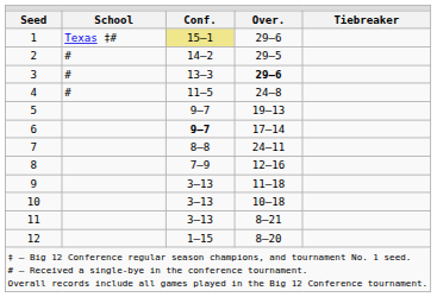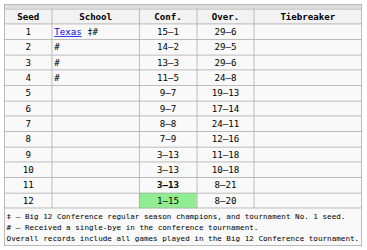 <table class="wikitable" style="white-space:nowrap; font-size:90%;text-align:center">
 <tr>
 <td colspan="10" style="text-align:center; background:#DDDDDD; font:#000000"><strong></strong></td>
 </tr>
 <tr bgcolor="#efefef">
 <th>Seed</th>
 <th>School</th>
 <th>Conf.</th>
 <th>Over.</th>
 <th>Tiebreaker</th>
 </tr>
 <tr>
 <td>1</td>
 <td align=left><a href='#'>Texas</a> ‡#</td>
-<td style="background: khaki;">15–1</td>
+<td>15–1</td>
 <td>29–6</td>
 <td></td>
 </tr>
 <tr>
 <td>2</td>
 <td align=left> #</td>
 <td>14–2</td>
 <td>29–5</td>
 <td></td>
 </tr>
 <tr>
 <td>3</td>
 <td align=left> #</td>
 <td>13–3</td>
-<td><strong>29–6</strong></td>
+<td>29–6</td>
 <td></td>
 </tr>
 <tr>
 <td>4</td>
 <td align=left> #</td>
 <td>11–5</td>
 <td>24–8</td>
 <td></td>
 </tr>
 <tr>
 <td>5</td>
 <td align=left></td>
 <td>9–7</td>
 <td>19–13</td>
 <td></td>
 </tr>
 <tr>
 <td>6</td>
 <td align=left></td>
-<td><strong>9–7</strong></td>
+<td>9–7</td>
 <td>17–14</td>
 <td></td>
 </tr>
 <tr>
 <td>7</td>
 <td align=left></td>
 <td>8–8</td>
 <td>24–11</td>
 <td></td>
 </tr>
 <tr>
 <td>8</td>
 <td align=left></td>
 <td>7–9</td>
 <td>12–16</td>
 <td></td>
 </tr>
 <tr>
 <td>9</td>
 <td align=left></td>
 <td>3–13</td>
 <td>11–18</td>
 <td></td>
 </tr>
 <tr>
 <td>10</td>
 <td align=left></td>
 <td>3–13</td>
 <td>10–18</td>
 <td></td>
 </tr>
 <tr>
 <td>11</td>
 <td align=left></td>
-<td>3–13</td>
+<td><strong>3–13</strong></td>
 <td>8–21</td>
 <td></td>
 </tr>
 <tr>
 <td>12</td>
 <td align=left></td>
-<td>1–15</td>
+<td style="background: lightgreen;">1–15</td>
 <td>8–20</td>
 <td></td>
 </tr>
 <tr>
 <td colspan="10" style="text-align:left;"><small>‡ – Big 12 Conference regular season champions, and tournament No. 1 seed.<br># – Received a single-bye in the conference tournament.<br>Overall records include all games played in the Big 12 Conference tournament.</small></td>
 </tr>
 </table>
